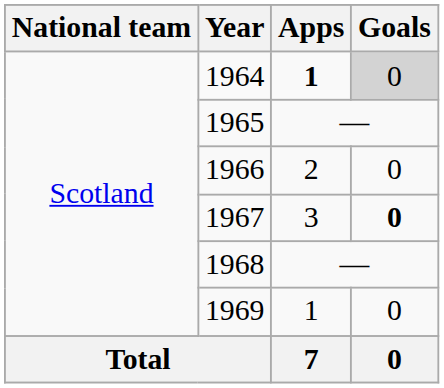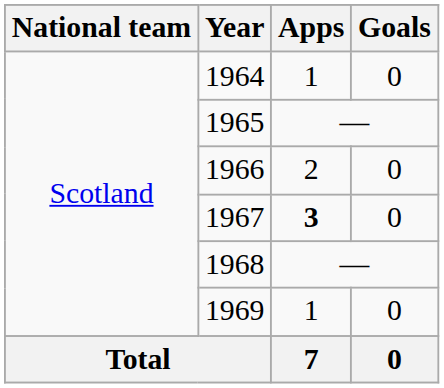 <table class="wikitable" style="font-size:100%; text-align: center">
 <tr>
 <th>National team</th>
 <th>Year</th>
 <th>Apps</th>
 <th>Goals</th>
 </tr>
 <tr>
 <td rowspan="6"><a href='#'>Scotland</a></td>
 <td>1964</td>
-<td><strong>1</strong></td>
-<td style="background: lightgrey;">0</td>
+<td>1</td>
+<td>0</td>
 </tr>
 <tr>
 <td>1965</td>
 <td colspan=2>—</td>
 </tr>
 <tr>
 <td>1966</td>
 <td>2</td>
 <td>0</td>
 </tr>
 <tr>
 <td>1967</td>
-<td>3</td>
-<td><strong>0</strong></td>
+<td><strong>3</strong></td>
+<td>0</td>
 </tr>
 <tr>
 <td>1968</td>
 <td colspan=2>—</td>
 </tr>
 <tr>
 <td>1969</td>
 <td>1</td>
 <td>0</td>
 </tr>
 <tr>
 <th colspan=2>Total</th>
 <th>7</th>
 <th>0</th>
 </tr>
 </table>
